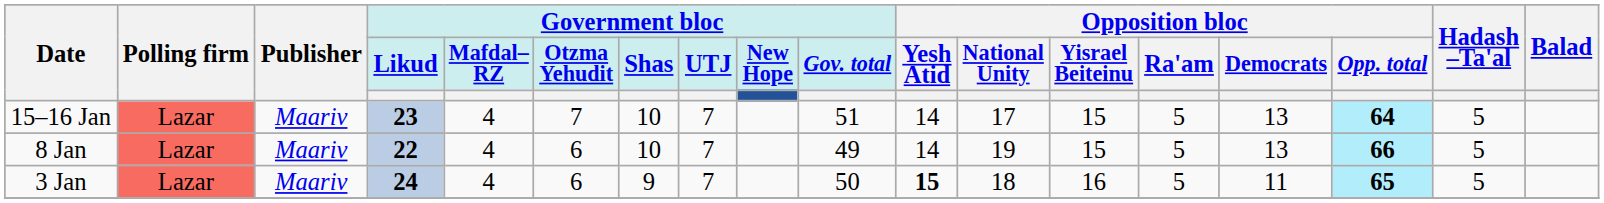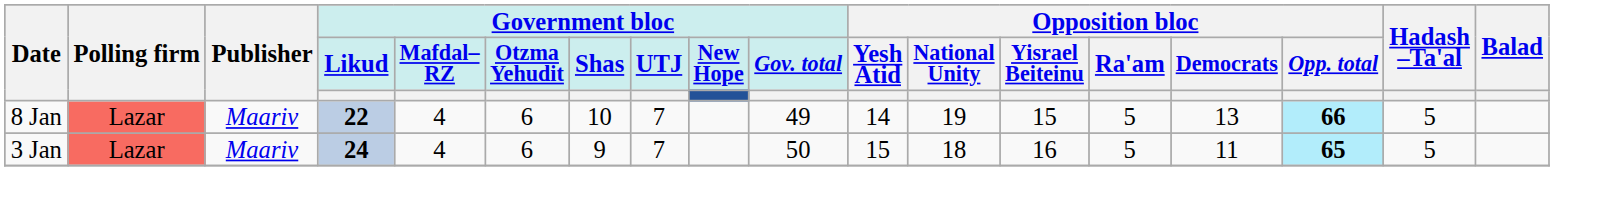 <table class="wikitable sortable" style="text-align:center;font-size:90%;line-height:12px">
 <tr>
 <th rowspan="3">Date</th>
 <th rowspan="3">Polling firm</th>
 <th rowspan="3">Publisher</th>
 <th colspan="7" style="background:#cee;"><a href='#'>Government bloc</a></th>
 <th colspan="6"><a href='#'>Opposition bloc</a></th>
 <th rowspan="2"><a href='#'>Hadash<br>–Ta'al</a></th>
 <th rowspan="2"><a href='#'>Balad</a></th>
 </tr>
 <tr>
 <th style="background:#cee"><a href='#'>Likud</a></th>
 <th style="background:#cee;font-size:90%"><a href='#'>Mafdal–<br>RZ</a></th>
 <th style="background:#cee;font-size:90%"><a href='#'>Otzma<br>Yehudit</a></th>
 <th style="background:#cee"><a href='#'>Shas</a></th>
 <th style="background:#cee"><a href='#'>UTJ</a></th>
 <th style="background:#cee;font-size:90%"><a href='#'>New<br>Hope</a></th>
 <th style="background:#cee;font-size:90%"><a href='#'><em>Gov. total</em></a></th>
 <th><a href='#'>Yesh<br>Atid</a></th>
 <th style="font-size:90%"><a href='#'>National<br>Unity</a></th>
 <th style="font-size:90%"><a href='#'>Yisrael<br>Beiteinu</a></th>
 <th><a href='#'>Ra'am</a></th>
 <th style="font-size:90%"><a href='#'>Democrats</a></th>
 <th style="font-size:90%"><a href='#'><em>Opp. total</em></a></th>
 </tr>
 <tr>
 <th style="background:"></th>
 <th style="background:"></th>
 <th style="background:"></th>
 <th style="background:"></th>
 <th style="background:"></th>
 <th style="background:#235298"></th>
 <th style="background:"></th>
 <th style="background:"></th>
 <th style="background:"></th>
 <th style="background:"></th>
 <th style="background:"></th>
 <th style="background:"></th>
 <th style="background:"></th>
 <th style="background:"></th>
 <th style="background:"></th>
 </tr>
 <tr>
-<td data-sort-value=2025-01-15>15–16 Jan</td>
-<td style=background:#F86B61>Lazar</td>
-<td><em><a href='#'>Maariv</a></em></td>
-<td style=background:#BBCDE4><strong>23</strong> </td>
-<td>4</td>
-<td>7</td>
-<td>10</td>
-<td>7</td>
-<td></td>
-<td>51</td>
-<td>14</td>
-<td>17</td>
-<td>15</td>
-<td>5</td>
-<td>13</td>
-<td style=background:#B2EDFB><strong>64</strong>	</td>
-<td>5</td>
-<td></td>
-</tr>
-<tr>
 <td data-sort-value=2025-01-08>8 Jan</td>
 <td style=background:#F86B61>Lazar</td>
 <td><em><a href='#'>Maariv</a></em></td>
 <td style=background:#BBCDE4><strong>22</strong> </td>
 <td>4</td>
 <td>6</td>
 <td>10</td>
 <td>7</td>
 <td></td>
 <td>49</td>
 <td>14</td>
 <td>19</td>
 <td>15</td>
 <td>5</td>
 <td>13</td>
 <td style=background:#B2EDFB><strong>66</strong>	</td>
 <td>5</td>
 <td></td>
 </tr>
 <tr>
 <td>3 Jan</td>
 <td style=background:#F86B61>Lazar</td>
 <td><em><a href='#'>Maariv</a></em></td>
 <td style=background:#BBCDE4><strong>24</strong> </td>
 <td>4</td>
 <td>6</td>
 <td>9</td>
 <td>7</td>
 <td></td>
 <td>50</td>
-<td><strong>15</strong></td>
+<td>15</td>
 <td>18</td>
 <td>16</td>
 <td>5</td>
 <td>11</td>
 <td style=background:#B2EDFB><strong>65</strong>	</td>
 <td>5</td>
 <td></td>
 </tr>
 <tr>
 </tr>
 </table>
